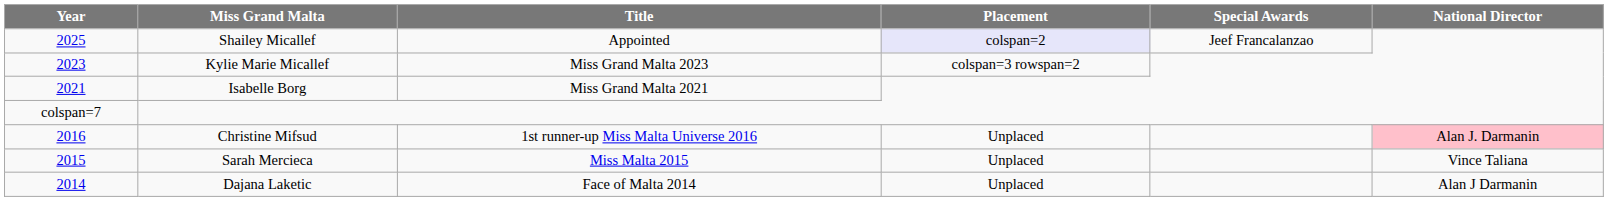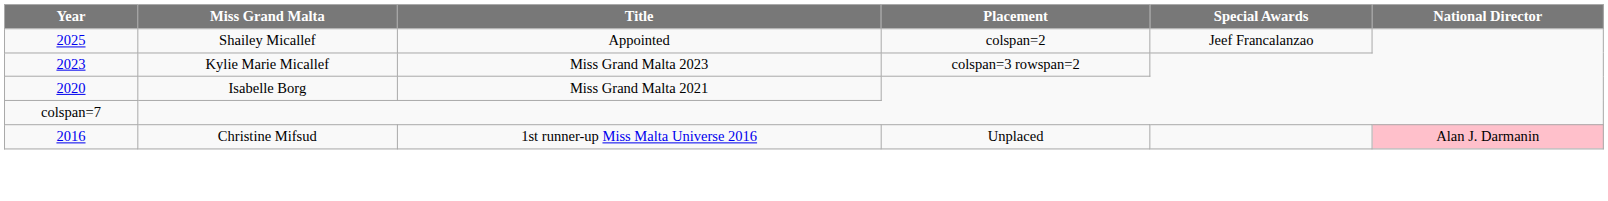 <table class="wikitable" style="font-size: 90%; text-align:center; width:100%">
 <tr>
 <th style="background-color:#787878;color:#FFFFFF;">Year</th>
 <th style="background-color:#787878;color:#FFFFFF;">Miss Grand Malta</th>
 <th style="background-color:#787878;color:#FFFFFF;">Title</th>
 <th style="background-color:#787878;color:#FFFFFF;">Placement</th>
 <th style="background-color:#787878;color:#FFFFFF;">Special Awards</th>
 <th style="background-color:#787878;color:#FFFFFF;">National Director</th>
 </tr>
 <tr>
 <td><a href='#'>2025</a></td>
 <td>Shailey Micallef</td>
 <td>Appointed</td>
-<td style="background: lavender;">colspan=2 </td>
+<td>colspan=2 </td>
 <td>Jeef Francalanzao</td>
 </tr>
 <tr>
 <td><a href='#'>2023</a></td>
 <td>Kylie Marie Micallef</td>
 <td>Miss Grand Malta 2023</td>
 <td>colspan=3 rowspan=2 </td>
 </tr>
 <tr>
-<td><a href='#'>2021</a></td>
+<td><a href='#'>2020</a></td>
 <td>Isabelle Borg</td>
 <td>Miss Grand Malta 2021</td>
 </tr>
 <tr>
 <td>colspan=7 </td>
 </tr>
 <tr>
 <td><a href='#'>2016</a></td>
 <td>Christine Mifsud</td>
 <td>1st runner-up <a href='#'>Miss Malta Universe 2016</a></td>
 <td>Unplaced</td>
 <td></td>
 <td style="background: pink;">Alan J. Darmanin</td>
 </tr>
-<tr>
-<td><a href='#'>2015</a></td>
-<td>Sarah Mercieca</td>
-<td><a href='#'>Miss Malta 2015</a></td>
-<td>Unplaced</td>
-<td></td>
-<td>Vince Taliana</td>
-</tr>
-<tr>
-<td><a href='#'>2014</a></td>
-<td>Dajana Laketic</td>
-<td>Face of Malta 2014</td>
-<td>Unplaced</td>
-<td></td>
-<td>Alan J Darmanin</td>
-</tr>
 </table>
